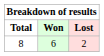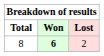 <table class="wikitable" style="text-align:center">
 <tr>
 <th colspan="3" style="background: #ffffff"><strong>Breakdown of results</strong></th>
 </tr>
 <tr>
 <td style="background: #ffffff;"><strong>Total</strong></td>
 <td style="background: #ddffdd;"><strong>Won</strong></td>
 <td style="background: #ffdddd;"><strong>Lost</strong></td>
 </tr>
 <tr>
 <td style="background: #ffffff;">8</td>
-<td style="background: #ddffdd;">6</td>
+<td style="background: #ddffdd;"><strong>6</strong></td>
 <td style="background: #ffdddd;">2</td>
 </tr>
 </table>
